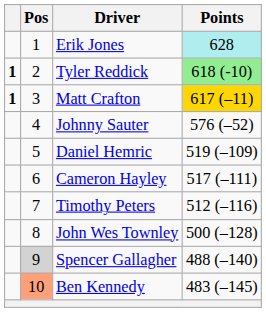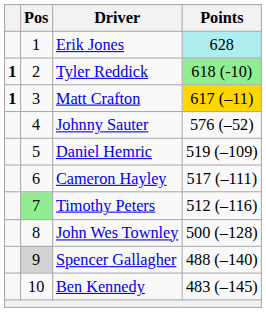 <table class="wikitable" style="font-size: 95%;">
 <tr>
 <th></th>
 <th>Pos</th>
 <th>Driver</th>
 <th>Points</th>
 </tr>
 <tr>
 <td align="left"></td>
 <td style="text-align:center;">1</td>
 <td><a href='#'>Erik Jones</a></td>
 <td style="background: paleturquoise; text-align:center;">628</td>
 </tr>
 <tr>
 <td align="left"> <strong>1</strong></td>
 <td style="text-align:center;">2</td>
 <td><a href='#'>Tyler Reddick</a></td>
 <td style="background: lightgreen; text-align:center;">618 (-10)</td>
 </tr>
 <tr>
 <td align="left"> <strong>1</strong></td>
 <td style="text-align:center;">3</td>
 <td><a href='#'>Matt Crafton</a></td>
 <td style="background: gold; text-align:center;">617 (–11)</td>
 </tr>
 <tr>
 <td align="left"></td>
 <td style="text-align:center;">4</td>
 <td><a href='#'>Johnny Sauter</a></td>
 <td style="text-align:center;">576 (–52)</td>
 </tr>
 <tr>
 <td align="left"></td>
 <td style="text-align:center;">5</td>
 <td><a href='#'>Daniel Hemric</a></td>
 <td style="text-align:center;">519 (–109)</td>
 </tr>
 <tr>
 <td align="left"></td>
 <td style="text-align:center;">6</td>
 <td><a href='#'>Cameron Hayley</a></td>
 <td style="text-align:center;">517 (–111)</td>
 </tr>
 <tr>
 <td align="left"></td>
-<td style="text-align:center;">7</td>
+<td style="background: lightgreen; text-align:center;">7</td>
 <td><a href='#'>Timothy Peters</a></td>
 <td style="text-align:center;">512 (–116)</td>
 </tr>
 <tr>
 <td align="left"></td>
 <td style="text-align:center;">8</td>
 <td><a href='#'>John Wes Townley</a></td>
 <td style="text-align:center;">500 (–128)</td>
 </tr>
 <tr>
 <td align="left"></td>
 <td style="background: lightgrey; text-align:center;">9</td>
 <td><a href='#'>Spencer Gallagher</a></td>
 <td style="text-align:center;">488 (–140)</td>
 </tr>
 <tr>
 <td align="left"></td>
-<td style="background: lightsalmon; text-align:center;">10</td>
+<td style="text-align:center;">10</td>
 <td><a href='#'>Ben Kennedy</a></td>
 <td style="text-align:center;">483 (–145)</td>
 </tr>
 <tr>
 <th colspan="9"></th>
 </tr>
 </table>
